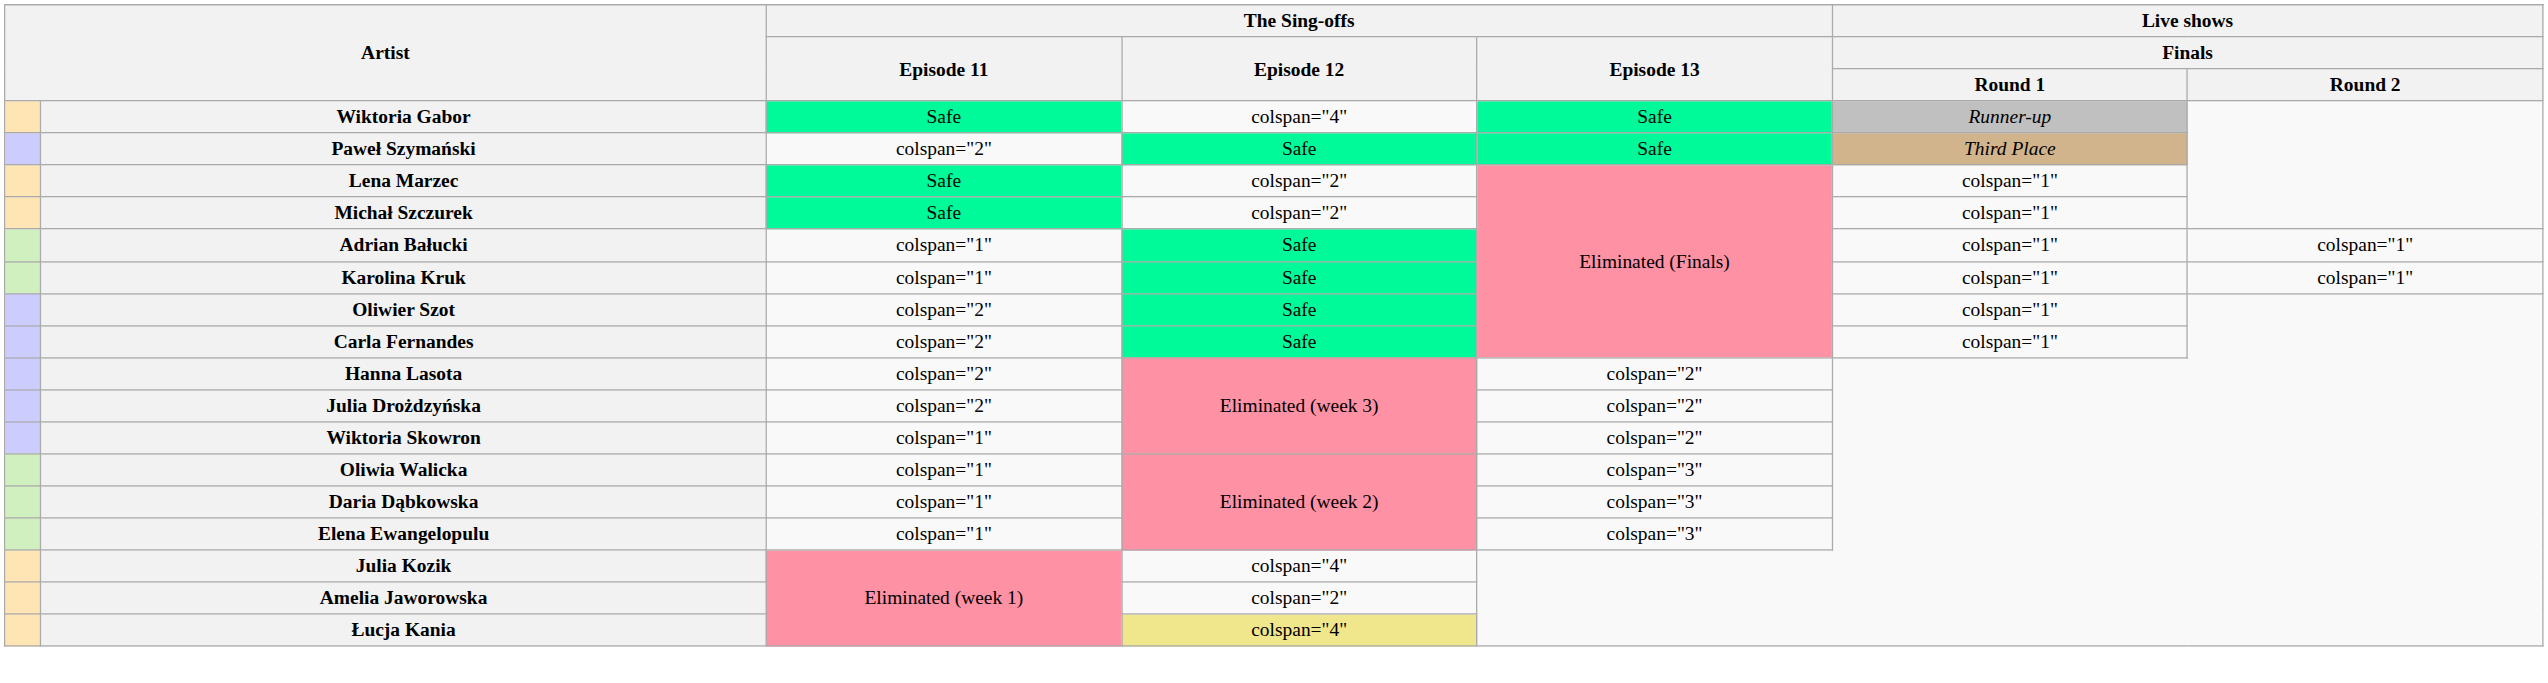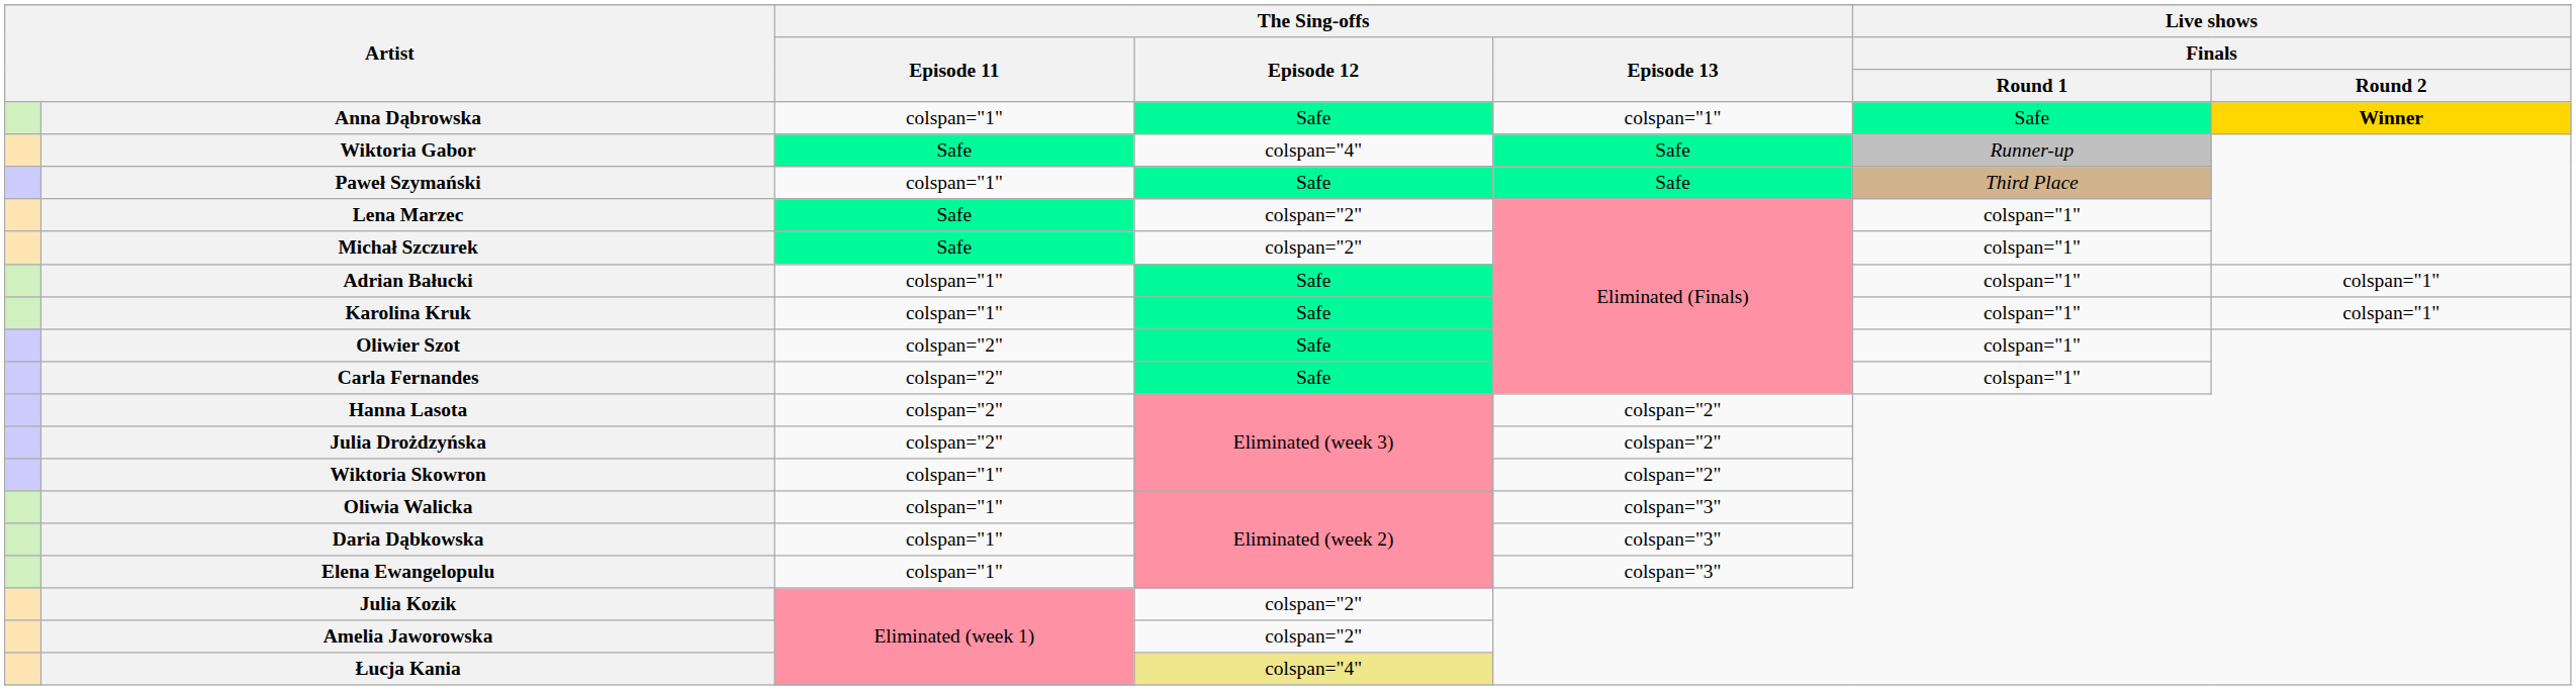 <table class="wikitable"  style="text-align:center; font-size:95%; width:100%;">
 <tr>
 </tr>
 <tr>
 <th rowspan="3" colspan="2">Artist</th>
 <th colspan="3" style="width:14%">The Sing-offs</th>
 <th colspan="2" style="width:14%">Live shows</th>
 </tr>
 <tr>
 <th rowspan="2" style="width:14%">Episode 11</th>
 <th rowspan="2" style="width:14%">Episode 12</th>
 <th rowspan="2" style="width:14%">Episode 13</th>
 <th colspan="2" style="width:14%">Finals</th>
 </tr>
 <tr>
 <th style="width:14%;">Round 1</th>
 <th style="width:14%;">Round 2</th>
 </tr>
 <tr>
+<th style="background:#d0f0c0;"></th>
+<th style="background:#;">Anna Dąbrowska</th>
+<td>colspan="1" </td>
+<td style="background:#00FA9A;">Safe</td>
+<td>colspan="1" </td>
+<td style="background:#00FA9A;">Safe</td>
+<td style="background:gold;"><strong>Winner</strong></td>
+</tr>
+<tr>
 <th style="background:#ffe5b4;"></th>
 <th style="background:#;">Wiktoria Gabor</th>
 <td style="background:#00FA9A;">Safe</td>
 <td>colspan="4" </td>
 <td style="background:#00FA9A;">Safe</td>
 <td style="background:silver;"><em>Runner-up</em></td>
 </tr>
 <tr>
 <th style="background:#ccf;"></th>
 <th style="background:#;">Paweł Szymański</th>
-<td>colspan="2" </td>
+<td>colspan="1" </td>
 <td style="background:#00FA9A;">Safe</td>
 <td style="background:#00FA9A;">Safe</td>
 <td style="background:tan;"><em>Third Place</em></td>
 </tr>
 <tr>
 <th style="background:#ffe5b4;"></th>
 <th style="background:#;">Lena Marzec</th>
 <td style="background:#00FA9A;">Safe</td>
 <td>colspan="2" </td>
 <td rowspan="6" colspan="1" style="background:#FF91A4;">Eliminated (Finals)</td>
 <td>colspan="1" </td>
 </tr>
 <tr>
 <th style="background:#ffe5b4;"></th>
 <th style="background:#;">Michał Szczurek</th>
 <td style="background:#00FA9A;">Safe</td>
 <td>colspan="2" </td>
 <td>colspan="1" </td>
 </tr>
 <tr>
 <th style="background:#d0f0c0;"></th>
 <th style="background:#;">Adrian Bałucki</th>
 <td>colspan="1" </td>
 <td style="background:#00FA9A;">Safe</td>
 <td>colspan="1" </td>
 <td>colspan="1" </td>
 </tr>
 <tr>
 <th style="background:#d0f0c0;"></th>
 <th style="background:#;">Karolina Kruk</th>
 <td>colspan="1" </td>
 <td style="background:#00FA9A;">Safe</td>
 <td>colspan="1" </td>
 <td>colspan="1" </td>
 </tr>
 <tr>
 <th style="background:#ccf;"></th>
 <th style="background:#;">Oliwier Szot</th>
 <td>colspan="2" </td>
 <td style="background:#00FA9A;">Safe</td>
 <td>colspan="1" </td>
 </tr>
 <tr>
 <th style="background:#ccf;"></th>
 <th style="background:#;">Carla Fernandes</th>
 <td>colspan="2" </td>
 <td style="background:#00FA9A;">Safe</td>
 <td>colspan="1" </td>
 </tr>
 <tr>
 <th style="background:#ccf;"></th>
 <th style="background:#;">Hanna Lasota</th>
 <td>colspan="2" </td>
 <td rowspan="3" colspan="1" style="background:#FF91A4;">Eliminated (week 3)</td>
 <td>colspan="2" </td>
 </tr>
 <tr>
 <th style="background:#ccf;"></th>
 <th style="background:#;">Julia Drożdzyńska</th>
 <td>colspan="2" </td>
 <td>colspan="2" </td>
 </tr>
 <tr>
 <th style="background:#ccf;"></th>
 <th style="background:#;">Wiktoria Skowron</th>
 <td>colspan="1" </td>
 <td>colspan="2" </td>
 </tr>
 <tr>
 <th style="background:#d0f0c0;"></th>
 <th style="background:#;">Oliwia Walicka</th>
 <td>colspan="1" </td>
 <td rowspan="3" colspan="1" style="background:#FF91A4;">Eliminated (week 2)</td>
 <td>colspan="3" </td>
 </tr>
 <tr>
 <th style="background:#d0f0c0;"></th>
 <th style="background:#;">Daria Dąbkowska</th>
 <td>colspan="1" </td>
 <td>colspan="3" </td>
 </tr>
 <tr>
 <th style="background:#d0f0c0;"></th>
 <th style="background:#;">Elena Ewangelopulu</th>
 <td>colspan="1" </td>
 <td>colspan="3" </td>
 </tr>
 <tr>
 <th style="background:#ffe5b4;"></th>
 <th style="background:#;">Julia Kozik</th>
 <td rowspan="3" colspan="1" style="background:#FF91A4;">Eliminated (week 1)</td>
-<td>colspan="4" </td>
+<td>colspan="2" </td>
 </tr>
 <tr>
 <th style="background:#ffe5b4;"></th>
 <th style="background:#;">Amelia Jaworowska</th>
 <td>colspan="2" </td>
 </tr>
 <tr>
 <th style="background:#ffe5b4;"></th>
 <th style="background:#;">Łucja Kania</th>
 <td style="background: khaki;">colspan="4" </td>
 </tr>
 </table>
